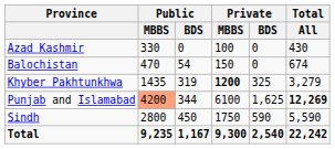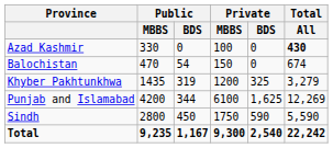 <table class="wikitable sortable static-row-numbers static-row-header-hash">
 <tr>
 <th>Province</th>
 <th colspan="2">Public</th>
 <th colspan="2">Private</th>
 <th>Total</th>
 </tr>
 <tr>
 <th></th>
 <th>MBBS</th>
 <th>BDS</th>
 <th>MBBS</th>
 <th>BDS</th>
 <th>All</th>
 </tr>
 <tr>
 <td><a href='#'>Azad Kashmir</a></td>
 <td>330</td>
 <td>0</td>
 <td>100</td>
 <td>0</td>
-<td>430</td>
+<td><strong>430</strong></td>
 </tr>
 <tr>
 <td><a href='#'>Balochistan</a></td>
 <td>470</td>
 <td>54</td>
 <td>150</td>
 <td>0</td>
 <td>674</td>
 </tr>
 <tr>
 <td><a href='#'>Khyber Pakhtunkhwa</a></td>
 <td>1435</td>
 <td>319</td>
-<td><strong>1200</strong></td>
+<td>1200</td>
 <td>325</td>
 <td>3,279</td>
 </tr>
 <tr>
 <td><a href='#'>Punjab</a> and <a href='#'>Islamabad</a></td>
-<td style="background: lightsalmon;">4200</td>
+<td>4200</td>
 <td>344</td>
 <td>6100</td>
 <td>1,625</td>
-<td><strong>12,269</strong></td>
+<td>12,269</td>
 </tr>
 <tr>
 <td><a href='#'>Sindh</a></td>
 <td>2800</td>
 <td>450</td>
 <td>1750</td>
 <td>590</td>
 <td>5,590</td>
 </tr>
 <tr>
 <td><strong>Total</strong></td>
 <td><strong>9,235</strong></td>
 <td><strong>1,167</strong></td>
 <td><strong>9,300</strong></td>
 <td><strong>2,540</strong></td>
 <td><strong>22,242</strong></td>
 </tr>
 </table>
